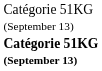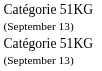 <table>
 <tr>
 <td>Catégorie 51KG <br> <small>(September 13)</small></td>
 <td></td>
 <td></td>
 <td><br></td>
 </tr>
 <tr>
-<td><strong>Catégorie 51KG <br> <small>(September 13)</small></strong></td>
+<td>Catégorie 51KG <br> <small>(September 13)</small></td>
 <td></td>
 <td></td>
 <td><br></td>
 </tr>
 </table>
